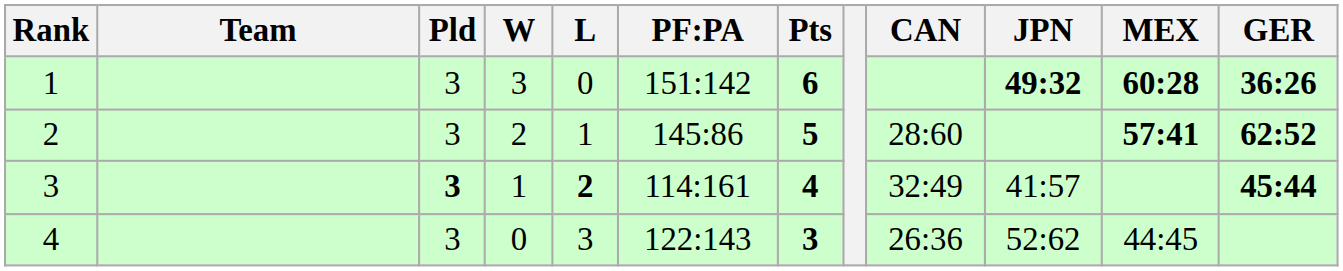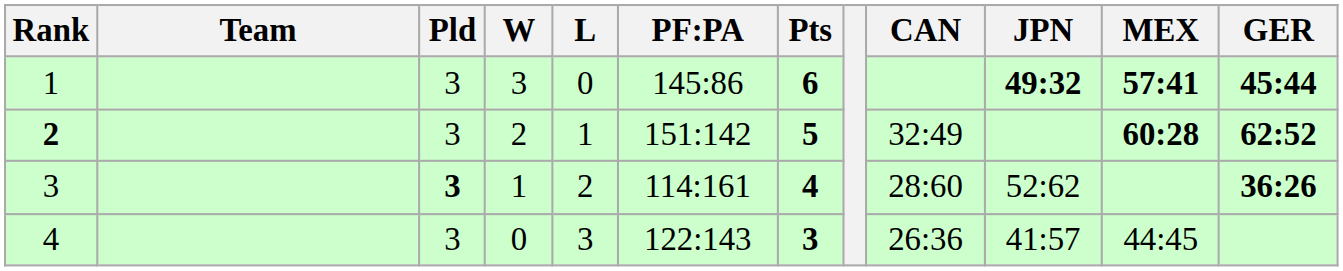 <table class="wikitable" style="text-align:center">
 <tr>
 <th width=25>Rank</th>
 <th width=150>Team</th>
 <th width=25>Pld</th>
 <th width=25>W</th>
 <th width=25>L</th>
 <th width=70>PF:PA</th>
 <th width=25>Pts</th>
 <th rowspan="5"> </th>
 <th width=50>CAN</th>
 <th width=50>JPN</th>
 <th width=50>MEX</th>
 <th width=50>GER</th>
 </tr>
 <tr style="background:#ccffcc;">
 <td>1</td>
 <td style="text-align:left"></td>
 <td>3</td>
 <td>3</td>
 <td>0</td>
-<td>151:142</td>
+<td>145:86</td>
 <td><strong>6</strong></td>
 <td></td>
 <td><strong>49:32</strong></td>
-<td><strong>60:28</strong></td>
-<td><strong>36:26</strong></td>
+<td><strong>57:41</strong></td>
+<td><strong>45:44</strong></td>
 </tr>
 <tr style="background:#ccffcc;">
-<td>2</td>
+<td><strong>2</strong></td>
 <td style="text-align:left"></td>
 <td>3</td>
 <td>2</td>
 <td>1</td>
-<td>145:86</td>
+<td>151:142</td>
 <td><strong>5</strong></td>
-<td>28:60</td>
+<td>32:49</td>
 <td></td>
-<td><strong>57:41</strong></td>
+<td><strong>60:28</strong></td>
 <td><strong>62:52</strong></td>
 </tr>
 <tr style="background:#ccffcc;">
 <td>3</td>
 <td style="text-align:left"></td>
 <td><strong>3</strong></td>
 <td>1</td>
-<td><strong>2</strong></td>
+<td>2</td>
 <td>114:161</td>
 <td><strong>4</strong></td>
-<td>32:49</td>
-<td>41:57</td>
+<td>28:60</td>
+<td>52:62</td>
 <td></td>
-<td><strong>45:44</strong></td>
+<td><strong>36:26</strong></td>
 </tr>
 <tr style="background:#ccffcc;">
 <td>4</td>
 <td style="text-align:left"></td>
 <td>3</td>
 <td>0</td>
 <td>3</td>
 <td>122:143</td>
 <td><strong>3</strong></td>
 <td>26:36</td>
-<td>52:62</td>
+<td>41:57</td>
 <td>44:45</td>
 <td></td>
 </tr>
 </table>
